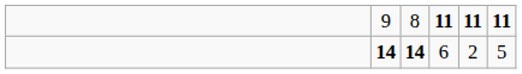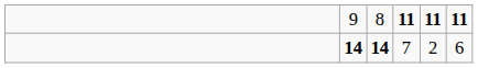 <table class="wikitable">
 <tr>
 <td style="width:18em"><strong></strong></td>
 <td align=center style="width:1em">9</td>
 <td align=center style="width:1em">8</td>
 <td align=center style="width:1em"><strong>11</strong></td>
 <td align=center style="width:1em"><strong>11</strong></td>
 <td align=center style="width:1em"><strong>11</strong></td>
 </tr>
 <tr>
 <td style="width:18em"></td>
 <td align=center style="width:1em"><strong>14</strong></td>
 <td align=center style="width:1em"><strong>14</strong></td>
+<td align=center style="width:1em">7</td>
+<td align=center style="width:1em">2</td>
 <td align=center style="width:1em">6</td>
-<td align=center style="width:1em">2</td>
-<td align=center style="width:1em">5</td>
 </tr>
 </table>
